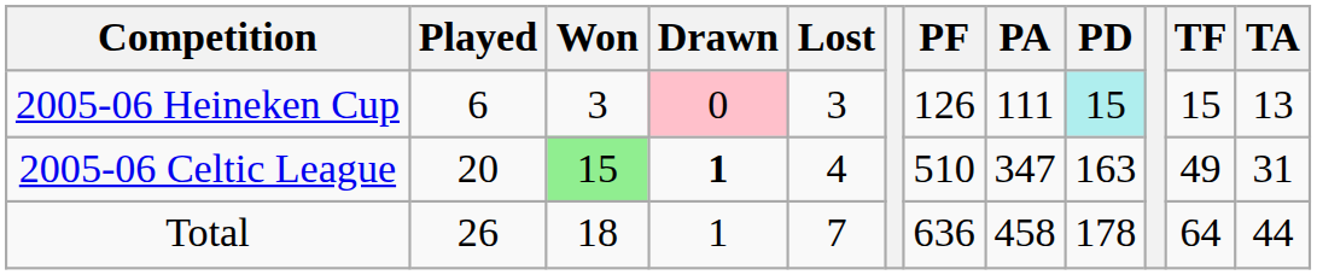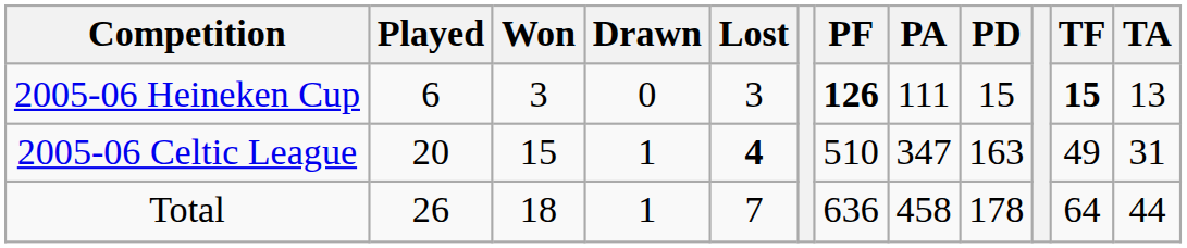 <table class="wikitable">
 <tr>
 <th>Competition</th>
 <th>Played</th>
 <th>Won</th>
 <th>Drawn</th>
 <th>Lost</th>
 <th rowspan="4"></th>
 <th>PF</th>
 <th>PA</th>
 <th>PD</th>
 <th rowspan="4"></th>
 <th>TF</th>
 <th>TA</th>
 </tr>
 <tr align=center>
 <td><a href='#'>2005-06 Heineken Cup</a></td>
 <td>6</td>
 <td>3</td>
-<td style="background: pink;">0</td>
+<td>0</td>
 <td>3</td>
-<td>126</td>
+<td><strong>126</strong></td>
 <td>111</td>
-<td style="background: paleturquoise;">15</td>
 <td>15</td>
+<td><strong>15</strong></td>
 <td>13</td>
 </tr>
 <tr align=center>
 <td><a href='#'>2005-06 Celtic League</a></td>
 <td>20</td>
-<td style="background: lightgreen;">15</td>
-<td><strong>1</strong></td>
-<td>4</td>
+<td>15</td>
+<td>1</td>
+<td><strong>4</strong></td>
 <td>510</td>
 <td>347</td>
 <td>163</td>
 <td>49</td>
 <td>31</td>
 </tr>
 <tr align=center>
 <td>Total</td>
 <td>26</td>
 <td>18</td>
 <td>1</td>
 <td>7</td>
 <td>636</td>
 <td>458</td>
 <td>178</td>
 <td>64</td>
 <td>44</td>
 </tr>
 </table>
